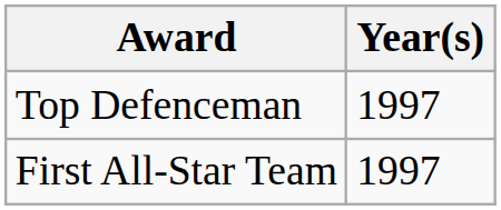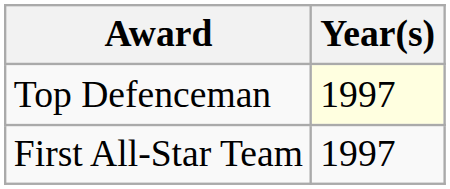 <table class="wikitable">
 <tr>
 <th>Award</th>
 <th>Year(s)</th>
 </tr>
 <tr>
 <td>Top Defenceman</td>
-<td>1997</td>
+<td style="background: lightyellow;">1997</td>
 </tr>
 <tr>
 <td>First All-Star Team</td>
 <td>1997</td>
 </tr>
 </table>
